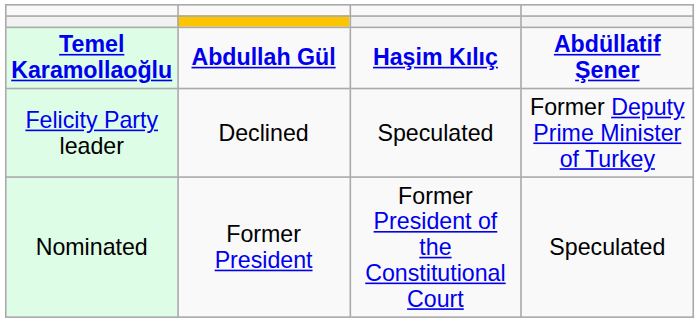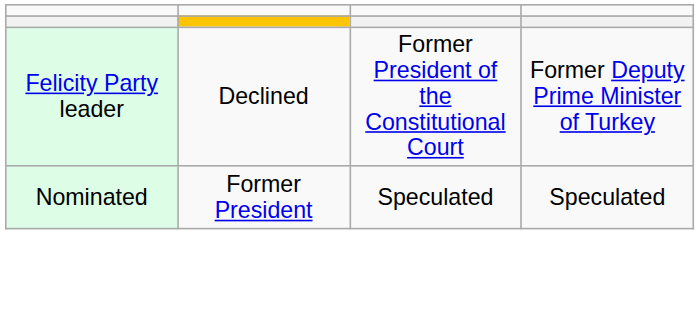 <table class="wikitable" style="margin:1em auto; font-size:90%; text-align:center;">
 <tr>
 <td></td>
 <td></td>
 <td></td>
 <td></td>
 </tr>
 <tr>
 <th style="width:100px; font-size:100%; background:"></th>
 <th style="width:100px; font-size:100%; background:#fdc400;"></th>
 <th style="width:100px; font-size:100%; background:"></th>
 <th style="width:100px; font-size:100%; background:"></th>
 </tr>
 <tr>
-<td style="width:100px; font-size:100%; background:#DEFDE6;"><strong><a href='#'>Temel Karamollaoğlu</a></strong></td>
-<td><strong><a href='#'>Abdullah Gül</a></strong></td>
-<td><strong><a href='#'>Haşim Kılıç</a></strong></td>
-<td><strong><a href='#'>Abdüllatif Şener</a></strong></td>
-</tr>
-<tr>
 <td style="width:100px; font-size:100%; background:#DEFDE6;"><a href='#'>Felicity Party</a> leader</td>
 <td>Declined</td>
-<td>Speculated</td>
+<td>Former <a href='#'>President of the Constitutional Court</a></td>
 <td>Former <a href='#'>Deputy Prime Minister of Turkey</a></td>
 </tr>
 <tr>
 <td style="width:100px; font-size:100%; background:#DEFDE6;">Nominated </td>
 <td>Former <a href='#'>President</a></td>
-<td>Former <a href='#'>President of the Constitutional Court</a></td>
+<td>Speculated</td>
 <td>Speculated</td>
 </tr>
 </table>
